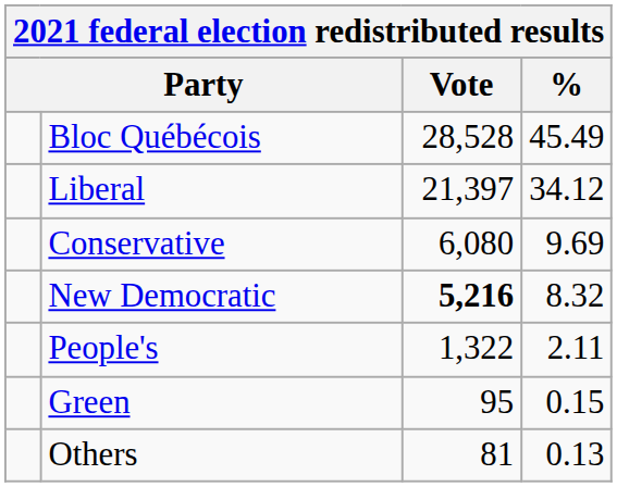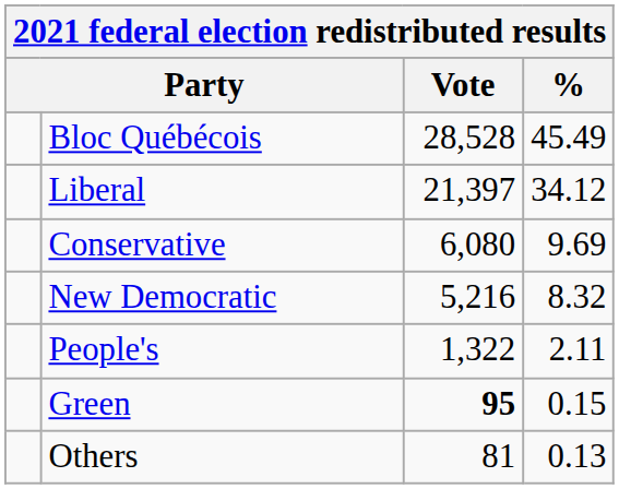 <table class="wikitable">
 <tr>
 <th colspan="4"><a href='#'>2021 federal election</a> redistributed results</th>
 </tr>
 <tr>
 <th bgcolor="#DDDDFF" width="130px" colspan="2">Party</th>
 <th bgcolor="#DDDDFF" width="50px">Vote</th>
 <th bgcolor="#DDDDFF" width="30px">%</th>
 </tr>
 <tr>
 <td> </td>
 <td><a href='#'>Bloc Québécois</a></td>
 <td align=right>28,528</td>
 <td align=right>45.49</td>
 </tr>
 <tr>
 <td> </td>
 <td><a href='#'>Liberal</a></td>
 <td align=right>21,397</td>
 <td align=right>34.12</td>
 </tr>
 <tr>
 <td> </td>
 <td><a href='#'>Conservative</a></td>
 <td align=right>6,080</td>
 <td align=right>9.69</td>
 </tr>
 <tr>
 <td> </td>
 <td><a href='#'>New Democratic</a></td>
-<td align=right><strong>5,216</strong></td>
+<td align=right>5,216</td>
 <td align=right>8.32</td>
 </tr>
 <tr>
 <td> </td>
 <td><a href='#'>People's</a></td>
 <td align=right>1,322</td>
 <td align=right>2.11</td>
 </tr>
 <tr>
 <td> </td>
 <td><a href='#'>Green</a></td>
-<td align=right>95</td>
+<td align=right><strong>95</strong></td>
 <td align=right>0.15</td>
 </tr>
 <tr>
 <td> </td>
 <td>Others</td>
 <td align=right>81</td>
 <td align=right>0.13</td>
 </tr>
 </table>
